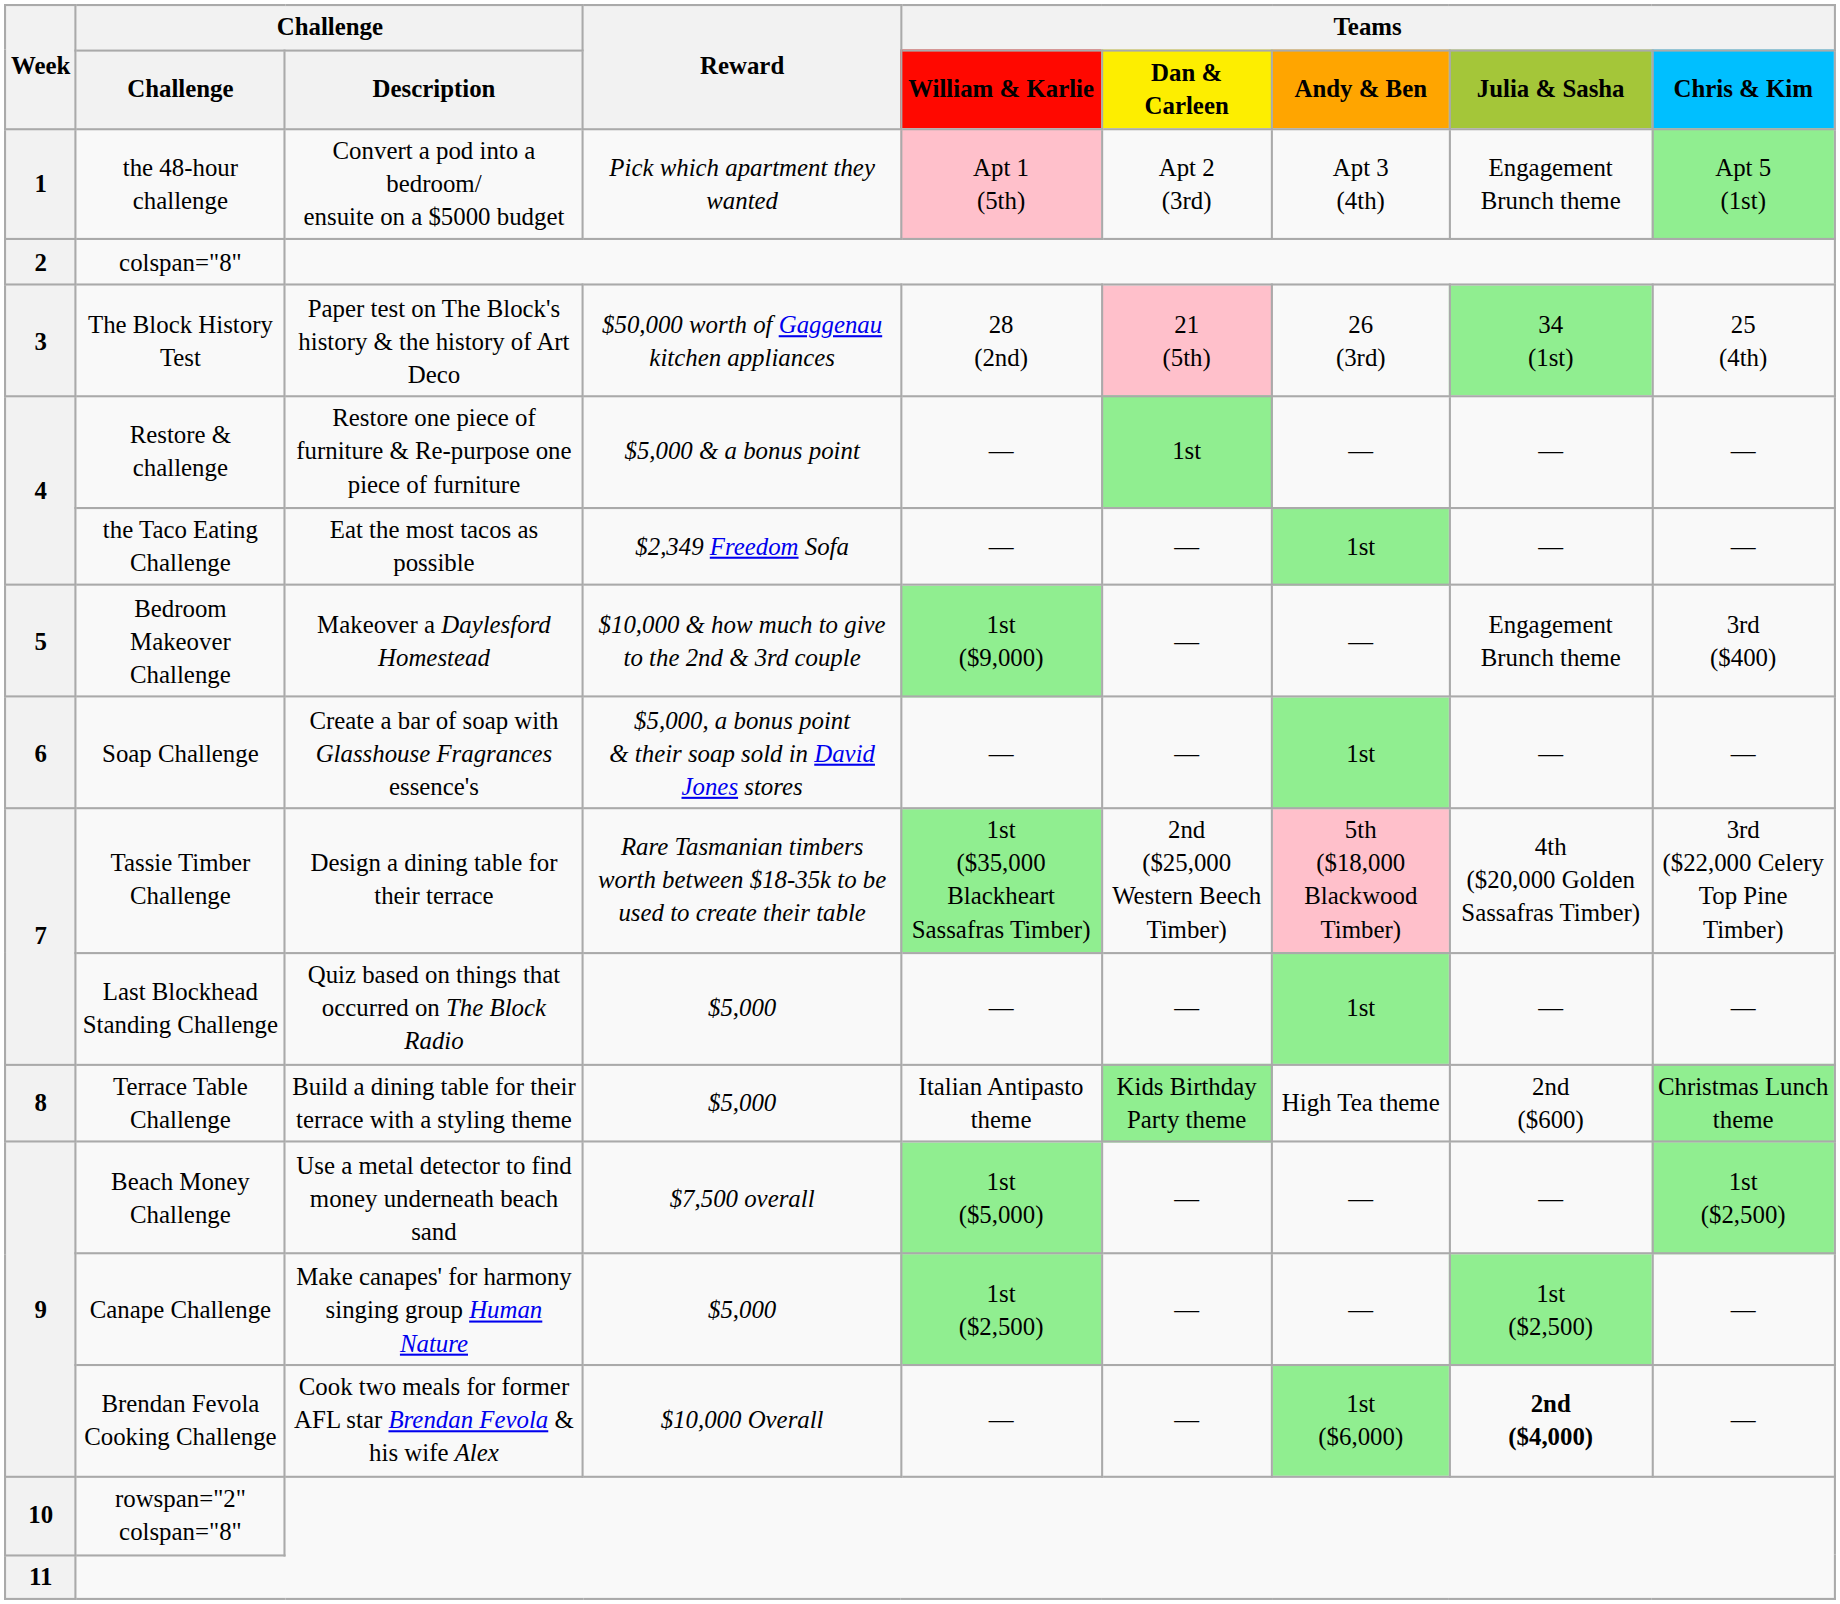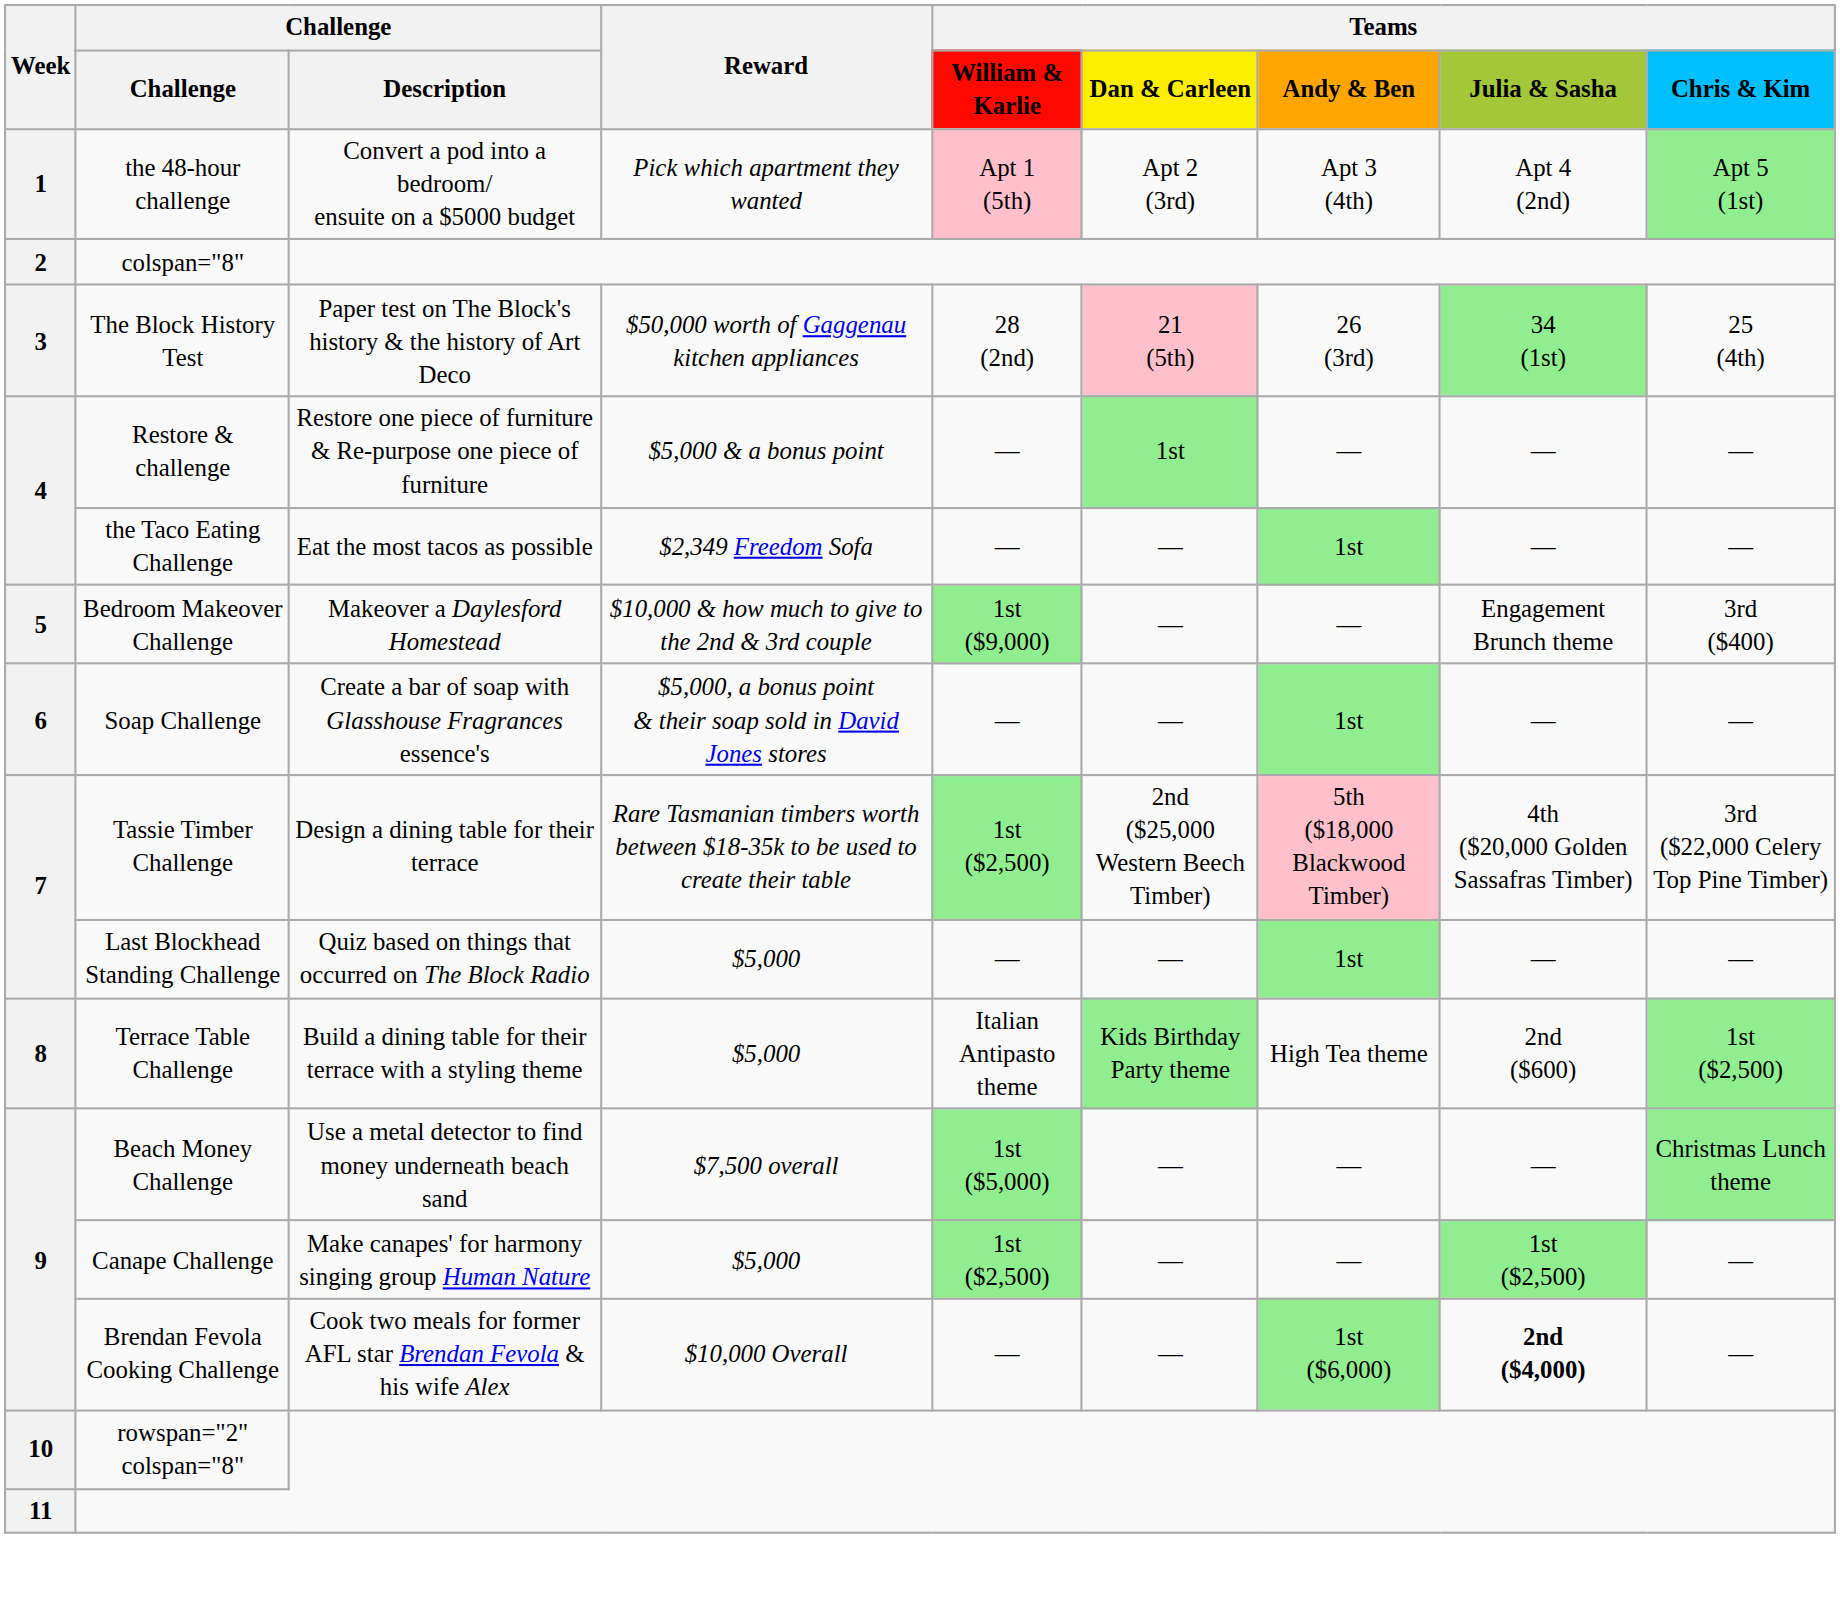 <table class="wikitable" style="text-align: center; font-size: 9pt; line-height:16px; width:70%">
 <tr>
 <th scope="col" rowspan="2">Week</th>
 <th scope="col" colspan="2">Challenge</th>
 <th scope="col" rowspan="2">Reward</th>
 <th scope="col" colspan="5">Teams</th>
 </tr>
 <tr>
 <th scope="col">Challenge</th>
 <th scope="col">Description</th>
 <th style="background:#FF0800; color:black;"><strong>William & Karlie</strong></th>
 <th style="background:#FDEE00; color:black;"><strong>Dan & Carleen</strong></th>
 <th style="background:orange; color:black;"><strong>Andy & Ben</strong></th>
 <th style="background:#A4C639; color:black;"><strong>Julia & Sasha</strong></th>
 <th style="background:#00BFFF; color:black;"><strong>Chris & Kim</strong></th>
 </tr>
 <tr>
 <th>1</th>
 <td>the  48-hour challenge</td>
 <td>Convert a pod into a bedroom/<br>ensuite on a $5000 budget</td>
 <td><em>Pick which apartment they wanted</em></td>
 <td bgcolor="pink">Apt 1<br>(5th)</td>
 <td>Apt 2<br>(3rd)</td>
 <td>Apt 3<br>(4th)</td>
-<td>Engagement Brunch theme</td>
+<td>Apt 4<br>(2nd)</td>
 <td bgcolor="lightgreen">Apt 5<br>(1st)</td>
 </tr>
 <tr>
 <th>2</th>
 <td>colspan="8" </td>
 </tr>
 <tr>
 <th>3</th>
 <td>The Block History Test</td>
 <td>Paper test on The Block's history & the history of Art Deco</td>
 <td><em>$50,000 worth of <a href='#'>Gaggenau</a> kitchen appliances</em></td>
 <td>28<br>(2nd)</td>
 <td bgcolor="pink">21<br>(5th)</td>
 <td>26<br>(3rd)</td>
 <td bgcolor="lightgreen">34<br>(1st)</td>
 <td>25<br>(4th)</td>
 </tr>
 <tr>
 <th rowspan="2">4</th>
 <td>Restore &  challenge</td>
 <td>Restore one piece of furniture & Re-purpose one piece of furniture</td>
 <td><em>$5,000 & a bonus point</em></td>
 <td>—</td>
 <td bgcolor="lightgreen">1st</td>
 <td>—</td>
 <td>—</td>
 <td>—</td>
 </tr>
 <tr>
 <td>the Taco Eating Challenge</td>
 <td>Eat the most tacos as possible</td>
 <td><em>$2,349 <a href='#'>Freedom</a> Sofa</em></td>
 <td>—</td>
 <td>—</td>
 <td bgcolor="lightgreen">1st</td>
 <td>—</td>
 <td>—</td>
 </tr>
 <tr>
 <th>5</th>
 <td>Bedroom Makeover Challenge</td>
 <td>Makeover a <em>Daylesford Homestead</em> </td>
 <td><em>$10,000 & how much to give to the 2nd & 3rd couple</em></td>
 <td bgcolor="lightgreen">1st<br>($9,000)</td>
 <td>—</td>
 <td>—</td>
 <td>Engagement Brunch theme</td>
 <td>3rd<br>($400)</td>
 </tr>
 <tr>
 <th>6</th>
 <td>Soap Challenge</td>
 <td>Create a bar of soap with <em>Glasshouse Fragrances</em> essence's</td>
 <td><em>$5,000, a bonus point<br>& their soap sold in <a href='#'>David Jones</a> stores</em></td>
 <td>—</td>
 <td>—</td>
 <td bgcolor="lightgreen">1st</td>
 <td>—</td>
 <td>—</td>
 </tr>
 <tr>
 <th rowspan="2">7</th>
 <td>Tassie Timber Challenge</td>
 <td>Design a dining table for their terrace</td>
 <td><em>Rare Tasmanian timbers worth between $18-35k to be used to create their table</em></td>
-<td bgcolor="lightgreen">1st<br>($35,000 Blackheart Sassafras Timber)</td>
+<td bgcolor="lightgreen">1st<br>($2,500)</td>
 <td>2nd<br>($25,000 Western Beech Timber)</td>
 <td bgcolor="pink">5th<br>($18,000 Blackwood Timber)</td>
 <td>4th<br>($20,000 Golden Sassafras Timber)</td>
 <td>3rd<br>($22,000 Celery Top Pine Timber)</td>
 </tr>
 <tr>
 <td>Last Blockhead Standing Challenge</td>
 <td>Quiz based on things that occurred on <em>The Block Radio</em></td>
 <td><em>$5,000</em></td>
 <td>—</td>
 <td>—</td>
 <td bgcolor="lightgreen">1st</td>
 <td>—</td>
 <td>—</td>
 </tr>
 <tr>
 <th>8</th>
 <td>Terrace Table Challenge</td>
 <td>Build a dining table for their terrace with a styling theme</td>
 <td><em>$5,000</em></td>
 <td>Italian Antipasto theme</td>
 <td bgcolor="lightgreen">Kids Birthday Party theme</td>
 <td>High Tea theme</td>
 <td>2nd<br>($600)</td>
-<td bgcolor="lightgreen">Christmas Lunch theme</td>
+<td bgcolor="lightgreen">1st<br>($2,500)</td>
 </tr>
 <tr>
 <th rowspan="3">9</th>
 <td>Beach Money Challenge</td>
 <td>Use a metal detector to find money underneath beach sand</td>
 <td><em>$7,500 overall</em></td>
 <td bgcolor="lightgreen">1st<br>($5,000)</td>
 <td>—</td>
 <td>—</td>
 <td>—</td>
-<td bgcolor="lightgreen">1st<br>($2,500)</td>
+<td bgcolor="lightgreen">Christmas Lunch theme</td>
 </tr>
 <tr>
 <td>Canape Challenge</td>
 <td>Make canapes' for harmony singing group <em><a href='#'>Human Nature</a></em></td>
 <td><em>$5,000</em></td>
 <td bgcolor="lightgreen">1st<br>($2,500)</td>
 <td>—</td>
 <td>—</td>
 <td bgcolor="lightgreen">1st<br>($2,500)</td>
 <td>—</td>
 </tr>
 <tr>
 <td>Brendan Fevola Cooking Challenge</td>
 <td>Cook two meals for former AFL star <em><a href='#'>Brendan Fevola</a></em> & his wife <em>Alex</em></td>
 <td><em>$10,000 Overall</em></td>
 <td>—</td>
 <td>—</td>
 <td bgcolor="lightgreen">1st<br>($6,000)</td>
 <td><strong>2nd<br>($4,000)</strong></td>
 <td>—</td>
 </tr>
 <tr>
 <th>10</th>
 <td>rowspan="2" colspan="8" </td>
 </tr>
 <tr>
 <th>11</th>
 </tr>
 </table>
